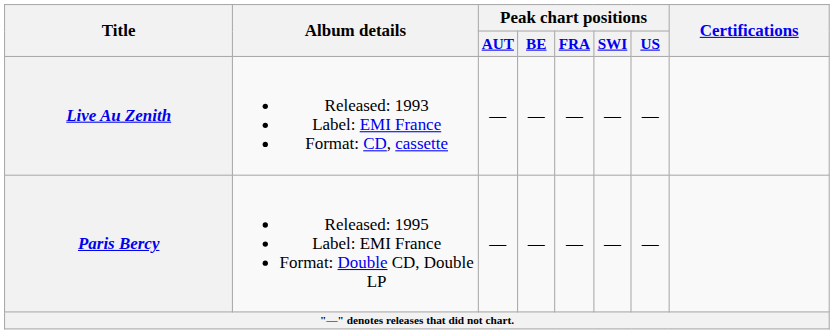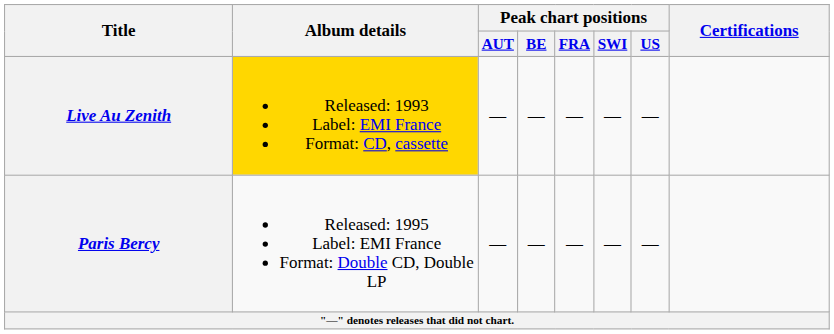 <table class="wikitable plainrowheaders" style="text-align:center;">
 <tr>
 <th scope="col" rowspan="2" style="width:13em;">Title</th>
 <th scope="col" rowspan="2" style="width:14em;">Album details</th>
 <th scope="col" colspan="5">Peak chart positions</th>
 <th scope="col" rowspan="2" style="width:9em;"><a href='#'>Certifications</a></th>
 </tr>
 <tr>
 <th scope="col" style="width:2em;font-size:90%;"><a href='#'>AUT</a><br></th>
 <th scope="col" style="width:2em;font-size:90%;"><a href='#'>BE</a><br></th>
 <th scope="col" style="width:2em;font-size:90%;"><a href='#'>FRA</a><br></th>
 <th scope="col" style="width:2em;font-size:90%;"><a href='#'>SWI</a><br></th>
 <th scope="col" style="width:2em;font-size:90%;"><a href='#'>US</a><br></th>
 </tr>
 <tr>
 <th scope="row"><em><a href='#'>Live Au Zenith</a></em></th>
-<td><br><ul><li>Released: 1993</li><li>Label: <a href='#'>EMI France</a></li><li>Format: <a href='#'>CD</a>, <a href='#'>cassette</a></li></ul></td>
+<td style="background: gold;"><br><ul><li>Released: 1993</li><li>Label: <a href='#'>EMI France</a></li><li>Format: <a href='#'>CD</a>, <a href='#'>cassette</a></li></ul></td>
 <td>—</td>
 <td>—</td>
 <td>—</td>
 <td>—</td>
 <td>—</td>
 <td></td>
 </tr>
 <tr>
 <th scope="row"><em><a href='#'>Paris Bercy</a></em></th>
 <td><br><ul><li>Released: 1995</li><li>Label: EMI France</li><li>Format: <a href='#'>Double</a> CD, Double LP</li></ul></td>
 <td>—</td>
 <td>—</td>
 <td>—</td>
 <td>—</td>
 <td>—</td>
 <td></td>
 </tr>
 <tr>
 <th colspan="19" style="text-align:center; font-size:8pt;">"—" denotes releases that did not chart.</th>
 </tr>
 </table>
